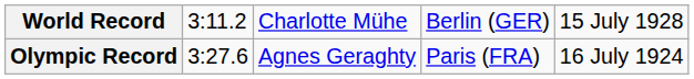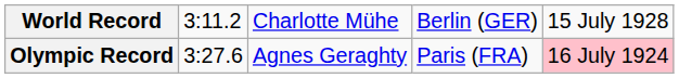 <table class="wikitable">
 <tr>
 <th>World Record</th>
 <td>3:11.2</td>
 <td> <a href='#'>Charlotte Mühe</a></td>
 <td><a href='#'>Berlin</a> (<a href='#'>GER</a>)</td>
 <td>15 July 1928</td>
 </tr>
 <tr>
 <th>Olympic Record</th>
 <td>3:27.6</td>
 <td> <a href='#'>Agnes Geraghty</a></td>
 <td><a href='#'>Paris</a> (<a href='#'>FRA</a>)</td>
-<td>16 July 1924</td>
+<td style="background: pink;">16 July 1924</td>
 </tr>
 </table>
